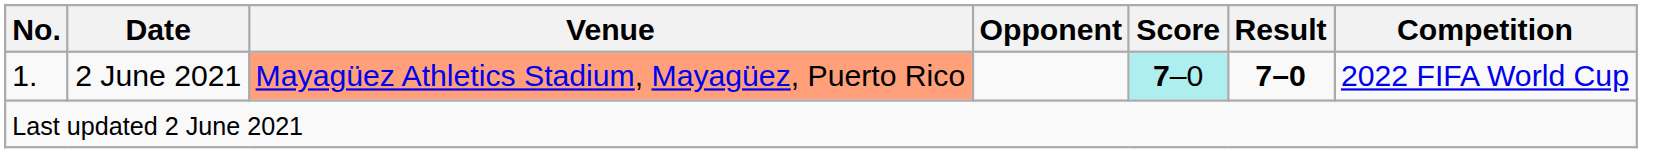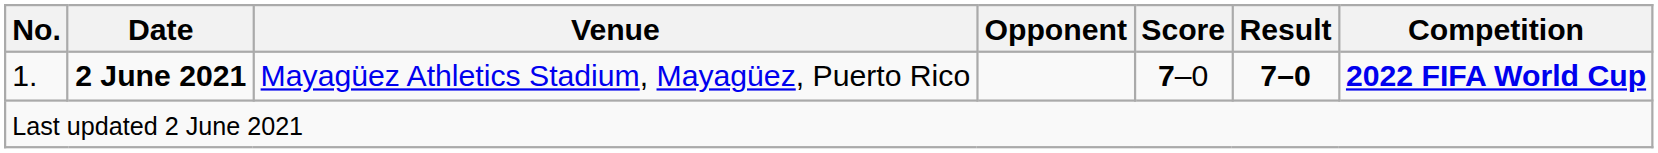 <table class="wikitable" style="font-size:85%;">
 <tr>
 <th>No.</th>
 <th>Date</th>
 <th>Venue</th>
 <th>Opponent</th>
 <th>Score</th>
 <th>Result</th>
 <th>Competition</th>
 </tr>
 <tr>
 <td>1.</td>
-<td>2 June 2021</td>
-<td style="background: lightsalmon;"><a href='#'>Mayagüez Athletics Stadium</a>, <a href='#'>Mayagüez</a>, Puerto Rico</td>
+<td><strong>2 June 2021</strong></td>
+<td><a href='#'>Mayagüez Athletics Stadium</a>, <a href='#'>Mayagüez</a>, Puerto Rico</td>
 <td></td>
-<td align=center style="background: paleturquoise;"><strong>7</strong>–0</td>
+<td align=center><strong>7</strong>–0</td>
 <td align=center><strong>7–0</strong></td>
-<td><a href='#'>2022 FIFA World Cup</a></td>
+<td><strong><a href='#'>2022 FIFA World Cup</a></strong></td>
 </tr>
 <tr>
 <td colspan="7"><small>Last updated 2 June 2021</small></td>
 </tr>
 </table>
